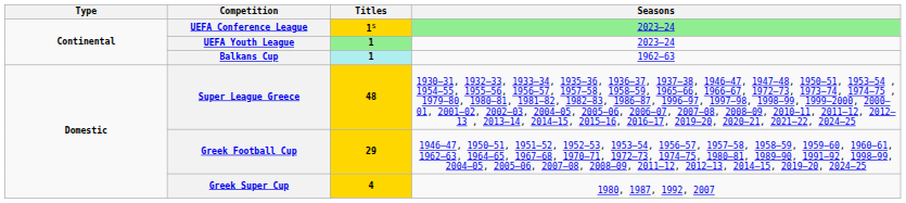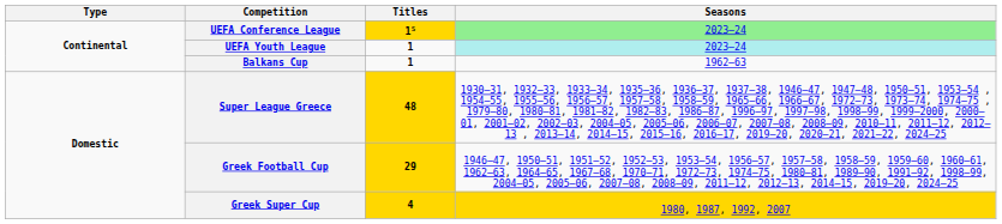 <table class="wikitable plainrowheaders" style="font-size:95%; text-align:center;">
 <tr>
 <th style="width: 10%;">Type</th>
 <th style="width: 10%;">Competition</th>
 <th style="width: 5%;">Titles</th>
 <th style="width: 30%;">Seasons</th>
 </tr>
 <tr>
 <td rowspan="3"><strong>Continental</strong></td>
 <th scope="col"><a href='#'>UEFA Conference League</a></th>
 <td scope="col" style="background-color: gold"><strong>1</strong><sup>s</sup></td>
 <td style="background: lightgreen;"><a href='#'>2023–24</a> </td>
 </tr>
 <tr>
 <th><strong><a href='#'>UEFA Youth League</a></strong></th>
-<td style="background: lightgreen;"><strong>1</strong></td>
-<td><a href='#'>2023–24</a></td>
+<td><strong>1</strong></td>
+<td style="background: paleturquoise;"><a href='#'>2023–24</a></td>
 </tr>
 <tr>
 <th><a href='#'>Balkans Cup</a></th>
-<td style="background: paleturquoise;"><strong>1</strong></td>
+<td><strong>1</strong></td>
 <td><a href='#'>1962–63</a></td>
 </tr>
 <tr>
 <td rowspan="3"><strong>Domestic</strong></td>
 <th scope="col"><a href='#'>Super League Greece</a></th>
 <td scope="col" style="background-color: gold"><strong>48</strong></td>
 <td><br><a href='#'>1930–31</a>,  <a href='#'>1932–33</a>,  <a href='#'>1933–34</a>,  <a href='#'>1935–36</a>, <a href='#'>1936–37</a>,  <a href='#'>1937–38</a>,  <a href='#'>1946–47</a>,  <a href='#'>1947–48</a>,  <a href='#'>1950–51</a>,  <a href='#'>1953–54</a> , <a href='#'>1954–55</a>, <a href='#'>1955–56</a>, <a href='#'>1956–57</a>, <a href='#'>1957–58</a>, <a href='#'>1958–59</a>, <a href='#'>1965–66</a>, <a href='#'>1966–67</a>, <a href='#'>1972–73</a>, <a href='#'>1973–74</a>, <a href='#'>1974–75</a> , <a href='#'>1979–80</a>, <a href='#'>1980–81</a>, <a href='#'>1981–82</a>, <a href='#'>1982–83</a>, <a href='#'>1986–87</a>, <a href='#'>1996–97</a>, <a href='#'>1997–98</a>, <a href='#'>1998–99</a>, <a href='#'>1999–2000</a>, <a href='#'>2000–01</a>, <a href='#'>2001–02</a>, <a href='#'>2002–03</a>, <a href='#'>2004–05</a>, <a href='#'>2005–06</a>, <a href='#'>2006–07</a>, <a href='#'>2007–08</a>, <a href='#'>2008–09</a>, <a href='#'>2010–11</a>, <a href='#'>2011–12</a>, <a href='#'>2012–13</a> , <a href='#'>2013–14</a>, <a href='#'>2014–15</a>, <a href='#'>2015–16</a>, <a href='#'>2016–17</a>, <a href='#'>2019–20</a>, <a href='#'>2020–21</a>, <a href='#'>2021–22</a>, <a href='#'>2024–25</a></td>
 </tr>
 <tr>
 <th scope="col"><a href='#'>Greek Football Cup</a></th>
 <td scope="col" style="background-color: gold"><strong>29</strong></td>
 <td><br><a href='#'>1946–47</a>, <a href='#'>1950–51</a>, <a href='#'>1951–52</a>, <a href='#'>1952–53</a>, <a href='#'>1953–54</a>, <a href='#'>1956–57</a>, <a href='#'>1957–58</a>, <a href='#'>1958–59</a>, <a href='#'>1959–60</a>, <a href='#'>1960–61</a>, <a href='#'>1962–63</a>, <a href='#'>1964–65</a>, <a href='#'>1967–68</a>, <a href='#'>1970–71</a>, <a href='#'>1972–73</a>, <a href='#'>1974–75</a>, <a href='#'>1980–81</a>, <a href='#'>1989–90</a>, <a href='#'>1991–92</a>, <a href='#'>1998–99</a>, <a href='#'>2004–05</a>, <a href='#'>2005–06</a>, <a href='#'>2007–08</a>, <a href='#'>2008–09</a>, <a href='#'>2011–12</a>, <a href='#'>2012–13</a>, <a href='#'>2014–15</a>, <a href='#'>2019–20</a>, <a href='#'>2024–25</a></td>
 </tr>
 <tr>
 <th scope=col><a href='#'>Greek Super Cup</a></th>
 <td scope="col" style="background-color: gold"><strong>4</strong></td>
-<td><br><a href='#'>1980</a>, <a href='#'>1987</a>, <a href='#'>1992</a>, <a href='#'>2007</a></td>
+<td style="background: gold;"><br><a href='#'>1980</a>, <a href='#'>1987</a>, <a href='#'>1992</a>, <a href='#'>2007</a></td>
 </tr>
 </table>
